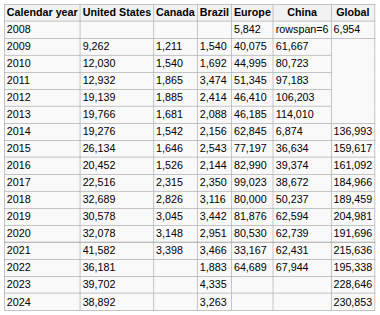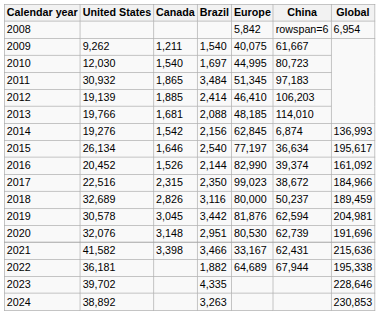 <table class="wikitable">
 <tr>
 <th>Calendar year</th>
 <th>United States</th>
 <th>Canada</th>
 <th>Brazil</th>
 <th>Europe</th>
 <th>China</th>
 <th>Global</th>
 </tr>
 <tr>
 <td>2008</td>
 <td></td>
 <td></td>
 <td></td>
 <td>5,842</td>
 <td>rowspan=6 </td>
 <td>6,954</td>
 </tr>
 <tr>
 <td>2009</td>
 <td>9,262</td>
 <td>1,211</td>
 <td>1,540</td>
 <td>40,075</td>
 <td>61,667</td>
 </tr>
 <tr>
 <td>2010</td>
 <td>12,030</td>
 <td>1,540</td>
-<td>1,692</td>
+<td>1,697</td>
 <td>44,995</td>
 <td>80,723</td>
 </tr>
 <tr>
 <td>2011</td>
-<td>12,932</td>
+<td>30,932</td>
 <td>1,865</td>
-<td>3,474</td>
+<td>3,484</td>
 <td>51,345</td>
 <td>97,183</td>
 </tr>
 <tr>
 <td>2012</td>
 <td>19,139</td>
 <td>1,885</td>
 <td>2,414</td>
 <td>46,410</td>
 <td>106,203</td>
 </tr>
 <tr>
 <td>2013</td>
 <td>19,766</td>
 <td>1,681</td>
 <td>2,088</td>
-<td>46,185</td>
+<td>48,185</td>
 <td>114,010</td>
 </tr>
 <tr>
 <td>2014</td>
 <td>19,276</td>
 <td>1,542</td>
 <td>2,156</td>
 <td>62,845</td>
 <td>6,874</td>
 <td>136,993</td>
 </tr>
 <tr>
 <td>2015</td>
 <td>26,134</td>
 <td>1,646</td>
-<td>2,543</td>
+<td>2,540</td>
 <td>77,197</td>
 <td>36,634</td>
-<td>159,617</td>
+<td>195,617</td>
 </tr>
 <tr>
 <td>2016</td>
 <td>20,452</td>
 <td>1,526</td>
 <td>2,144</td>
 <td>82,990</td>
 <td>39,374</td>
 <td>161,092</td>
 </tr>
 <tr>
 <td>2017</td>
 <td>22,516</td>
 <td>2,315</td>
 <td>2,350</td>
 <td>99,023</td>
 <td>38,672</td>
 <td>184,966</td>
 </tr>
 <tr>
 <td>2018</td>
 <td>32,689</td>
 <td>2,826</td>
 <td>3,116</td>
 <td>80,000</td>
 <td>50,237</td>
 <td>189,459</td>
 </tr>
 <tr>
 <td>2019</td>
 <td>30,578</td>
 <td>3,045</td>
 <td>3,442</td>
 <td>81,876</td>
 <td>62,594</td>
 <td>204,981</td>
 </tr>
 <tr>
 <td>2020</td>
-<td>32,078</td>
+<td>32,076</td>
 <td>3,148</td>
 <td>2,951</td>
 <td>80,530</td>
 <td>62,739</td>
 <td>191,696</td>
 </tr>
 <tr>
 </tr>
 <tr>
 <td>2021</td>
 <td>41,582</td>
 <td>3,398</td>
 <td>3,466</td>
 <td>33,167</td>
 <td>62,431</td>
 <td>215,636</td>
 </tr>
 <tr>
 <td>2022</td>
 <td>36,181</td>
 <td></td>
-<td>1,883</td>
+<td>1,882</td>
 <td>64,689</td>
 <td>67,944</td>
 <td>195,338</td>
 </tr>
 <tr>
 <td>2023</td>
 <td>39,702</td>
 <td></td>
 <td>4,335</td>
 <td></td>
 <td></td>
 <td>228,646</td>
 </tr>
 <tr>
 <td>2024</td>
 <td>38,892</td>
 <td></td>
 <td>3,263</td>
 <td></td>
 <td></td>
 <td>230,853</td>
 </tr>
 </table>
